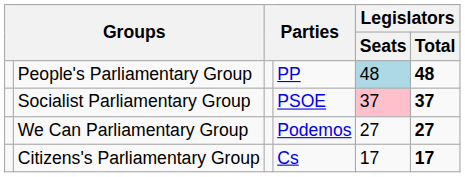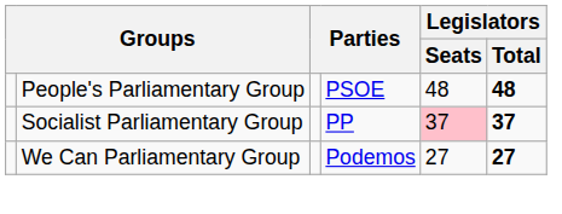 <table class="wikitable" style="text-align:left;">
 <tr>
 <th rowspan="2" colspan="2">Groups</th>
 <th rowspan="2" colspan="2">Parties</th>
 <th colspan="2">Legislators</th>
 </tr>
 <tr>
 <th>Seats</th>
 <th>Total</th>
 </tr>
 <tr>
 <td width="1" style="color:inherit;background:"></td>
 <td>People's Parliamentary Group</td>
 <td width="1" style="color:inherit;background:"></td>
-<td><a href='#'>PP</a></td>
-<td style="background: lightblue;">48</td>
+<td><a href='#'>PSOE</a></td>
+<td>48</td>
 <td><strong>48</strong></td>
 </tr>
 <tr>
 <td style="color:inherit;background:"></td>
 <td>Socialist Parliamentary Group</td>
 <td style="color:inherit;background:"></td>
-<td><a href='#'>PSOE</a></td>
+<td><a href='#'>PP</a></td>
 <td style="background: pink;">37</td>
 <td><strong>37</strong></td>
 </tr>
 <tr>
 <td style="color:inherit;background:"></td>
 <td>We Can Parliamentary Group</td>
 <td style="color:inherit;background:"></td>
 <td><a href='#'>Podemos</a></td>
 <td>27</td>
 <td><strong>27</strong></td>
 </tr>
-<tr>
-<td style="color:inherit;background:"></td>
-<td>Citizens's Parliamentary Group</td>
-<td style="color:inherit;background:"></td>
-<td><a href='#'>Cs</a></td>
-<td>17</td>
-<td><strong>17</strong></td>
-</tr>
 </table>
